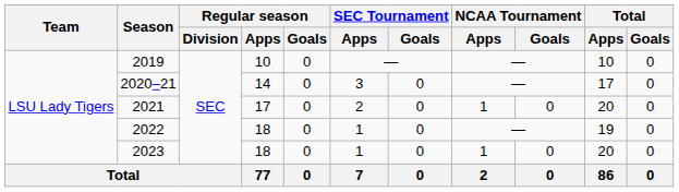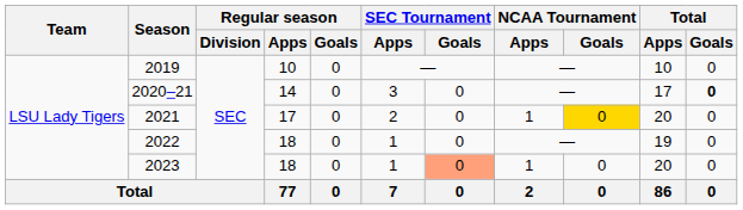 <table class="wikitable" style="text-align: center;">
 <tr>
 <th rowspan="2">Team</th>
 <th rowspan="2">Season</th>
 <th colspan="3">Regular season</th>
 <th colspan="2"><a href='#'>SEC Tournament</a></th>
 <th colspan="2">NCAA Tournament</th>
 <th colspan="2">Total</th>
 </tr>
 <tr>
 <th>Division</th>
 <th>Apps</th>
 <th>Goals</th>
 <th>Apps</th>
 <th>Goals</th>
 <th>Apps</th>
 <th>Goals</th>
 <th>Apps</th>
 <th>Goals</th>
 </tr>
 <tr>
 <td rowspan="5"><a href='#'>LSU Lady Tigers</a></td>
 <td>2019</td>
 <td rowspan="5"><a href='#'>SEC</a></td>
 <td>10</td>
 <td>0</td>
 <td colspan="2">—</td>
 <td colspan="2">—</td>
 <td>10</td>
 <td>0</td>
 </tr>
 <tr>
 <td>2020<a href='#'>–</a>21</td>
 <td>14</td>
 <td>0</td>
 <td>3</td>
 <td>0</td>
 <td colspan="2">—</td>
 <td>17</td>
-<td>0</td>
+<td><strong>0</strong></td>
 </tr>
 <tr>
 <td>2021</td>
 <td>17</td>
 <td>0</td>
 <td>2</td>
 <td>0</td>
 <td>1</td>
-<td>0</td>
+<td style="background: gold;">0</td>
 <td>20</td>
 <td>0</td>
 </tr>
 <tr>
 <td>2022</td>
 <td>18</td>
 <td>0</td>
 <td>1</td>
 <td>0</td>
 <td colspan="2">—</td>
 <td>19</td>
 <td>0</td>
 </tr>
 <tr>
 <td>2023</td>
 <td>18</td>
 <td>0</td>
 <td>1</td>
-<td>0</td>
+<td style="background: lightsalmon;">0</td>
 <td>1</td>
 <td>0</td>
 <td>20</td>
 <td>0</td>
 </tr>
 <tr>
 <th colspan="3">Total</th>
 <th>77</th>
 <th>0</th>
 <th>7</th>
 <th>0</th>
 <th>2</th>
 <th>0</th>
 <th>86</th>
 <th>0</th>
 </tr>
 </table>
